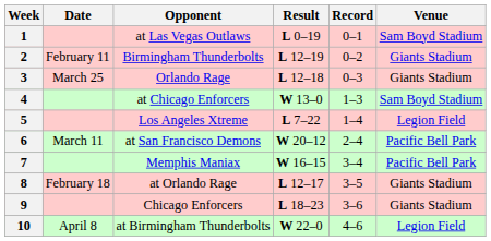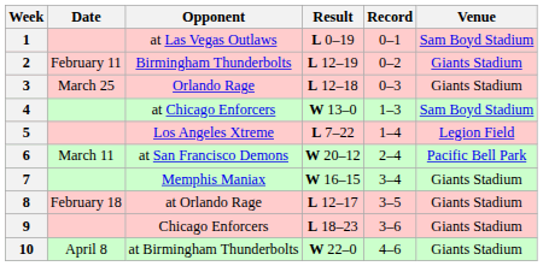 <table class="wikitable" style="text-align:center">
 <tr>
 <th>Week</th>
 <th>Date</th>
 <th>Opponent</th>
 <th>Result</th>
 <th>Record</th>
 <th>Venue</th>
 </tr>
 <tr style="background:#fcc">
 <th>1</th>
 <td></td>
 <td>at <a href='#'>Las Vegas Outlaws</a></td>
 <td><strong>L</strong> 0–19</td>
 <td>0–1</td>
 <td><a href='#'>Sam Boyd Stadium</a></td>
 </tr>
 <tr style="background:#fcc">
 <th>2</th>
 <td>February 11</td>
 <td><a href='#'>Birmingham Thunderbolts</a></td>
 <td><strong>L</strong> 12–19</td>
 <td>0–2</td>
 <td><a href='#'>Giants Stadium</a></td>
 </tr>
 <tr style="background:#fcc">
 <th>3</th>
 <td>March 25</td>
 <td><a href='#'>Orlando Rage</a></td>
 <td><strong>L</strong> 12–18</td>
 <td>0–3</td>
 <td>Giants Stadium</td>
 </tr>
 <tr style="background:#cfc">
 <th>4</th>
 <td></td>
 <td>at <a href='#'>Chicago Enforcers</a></td>
 <td><strong>W</strong> 13–0</td>
 <td>1–3</td>
 <td><a href='#'>Sam Boyd Stadium</a></td>
 </tr>
 <tr style="background:#fcc">
 <th>5</th>
 <td></td>
 <td><a href='#'>Los Angeles Xtreme</a></td>
 <td><strong>L</strong> 7–22</td>
 <td>1–4</td>
 <td><a href='#'>Legion Field</a></td>
 </tr>
 <tr style="background:#cfc">
 <th>6</th>
 <td>March 11</td>
 <td>at <a href='#'>San Francisco Demons</a></td>
 <td><strong>W</strong> 20–12</td>
 <td>2–4</td>
 <td><a href='#'>Pacific Bell Park</a></td>
 </tr>
 <tr style="background:#cfc">
 <th>7</th>
 <td></td>
 <td><a href='#'>Memphis Maniax</a></td>
 <td><strong>W</strong> 16–15</td>
 <td>3–4</td>
-<td><a href='#'>Pacific Bell Park</a></td>
+<td>Giants Stadium</td>
 </tr>
 <tr style="background:#fcc">
 <th>8</th>
 <td>February 18</td>
 <td>at Orlando Rage</td>
 <td><strong>L</strong> 12–17</td>
 <td>3–5</td>
 <td>Giants Stadium</td>
 </tr>
 <tr style="background:#fcc">
 <th>9</th>
 <td></td>
 <td>Chicago Enforcers</td>
 <td><strong>L</strong> 18–23</td>
 <td>3–6</td>
 <td>Giants Stadium</td>
 </tr>
 <tr style="background:#cfc">
 <th>10</th>
 <td>April 8</td>
 <td>at Birmingham Thunderbolts</td>
 <td><strong>W</strong> 22–0</td>
 <td>4–6</td>
-<td><a href='#'>Legion Field</a></td>
+<td>Giants Stadium</td>
 </tr>
 </table>
